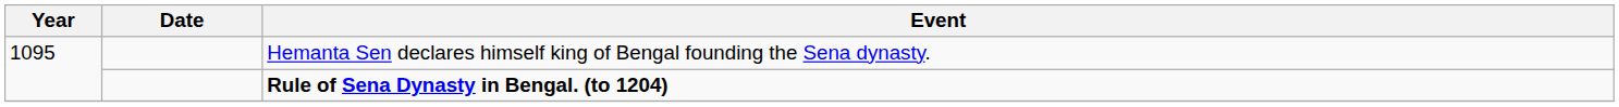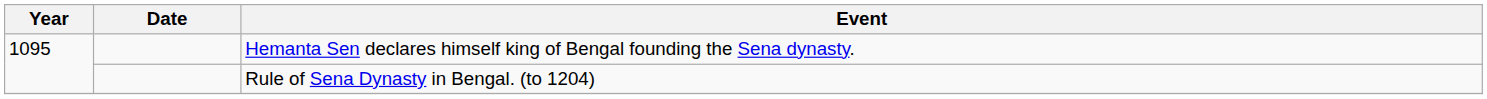 <table class="wikitable" width="100%">
 <tr>
 <th style="width:6%">Year</th>
 <th style="width:10%">Date</th>
 <th>Event</th>
 </tr>
 <tr>
 <td rowspan="2" valign="top">1095</td>
 <td></td>
 <td><a href='#'>Hemanta Sen</a> declares himself king of Bengal founding the <a href='#'>Sena dynasty</a>.</td>
 </tr>
 <tr>
 <td></td>
-<td><strong>Rule of <a href='#'>Sena Dynasty</a> in Bengal. (to 1204)</strong></td>
+<td>Rule of <a href='#'>Sena Dynasty</a> in Bengal. (to 1204)</td>
 </tr>
 <tr>
 </tr>
 </table>
